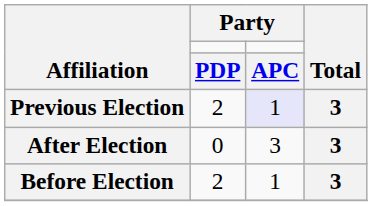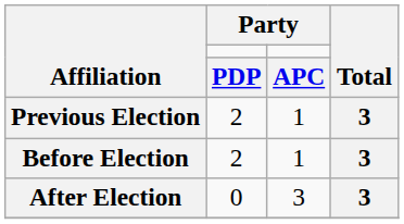 <table class=wikitable style="text-align:center">
 <tr style="vertical-align:bottom;">
 <th rowspan=3>Affiliation</th>
 <th colspan=2>Party</th>
 <th rowspan=3>Total</th>
 </tr>
 <tr>
 <td style="background-color:"></td>
 <td style="background-color:"></td>
 </tr>
 <tr>
 <th><a href='#'>PDP</a></th>
 <th><a href='#'>APC</a></th>
 </tr>
 <tr>
 <th>Previous Election</th>
 <td>2</td>
-<td style="background: lavender;">1</td>
+<td>1</td>
+<th>3</th>
+</tr>
+<tr>
+<th>Before Election</th>
+<td>2</td>
+<td>1</td>
 <th>3</th>
 </tr>
 <tr>
 <th>After Election</th>
 <td>0</td>
 <td>3</td>
 <th>3</th>
 </tr>
 <tr>
-<th>Before Election</th>
-<td>2</td>
-<td>1</td>
-<th>3</th>
-</tr>
-<tr>
 </tr>
 </table>
